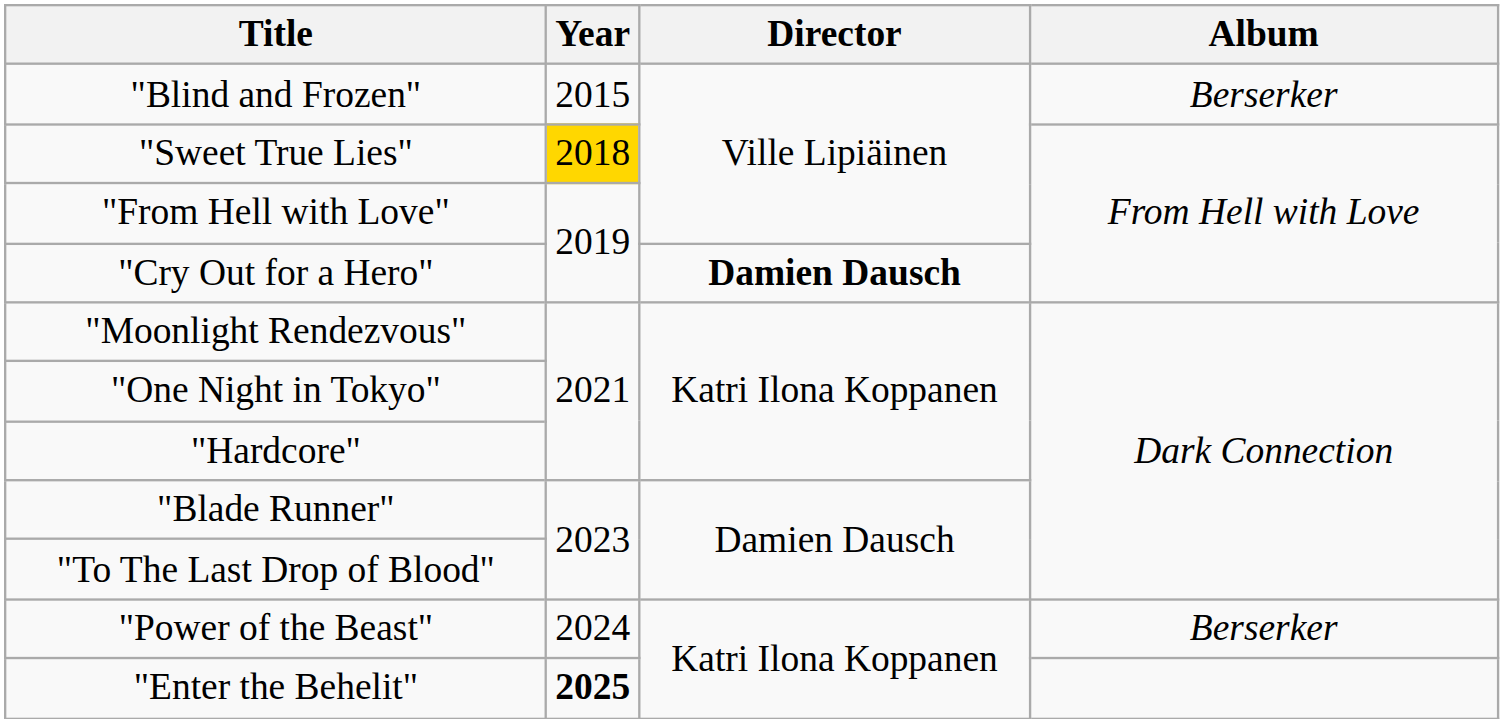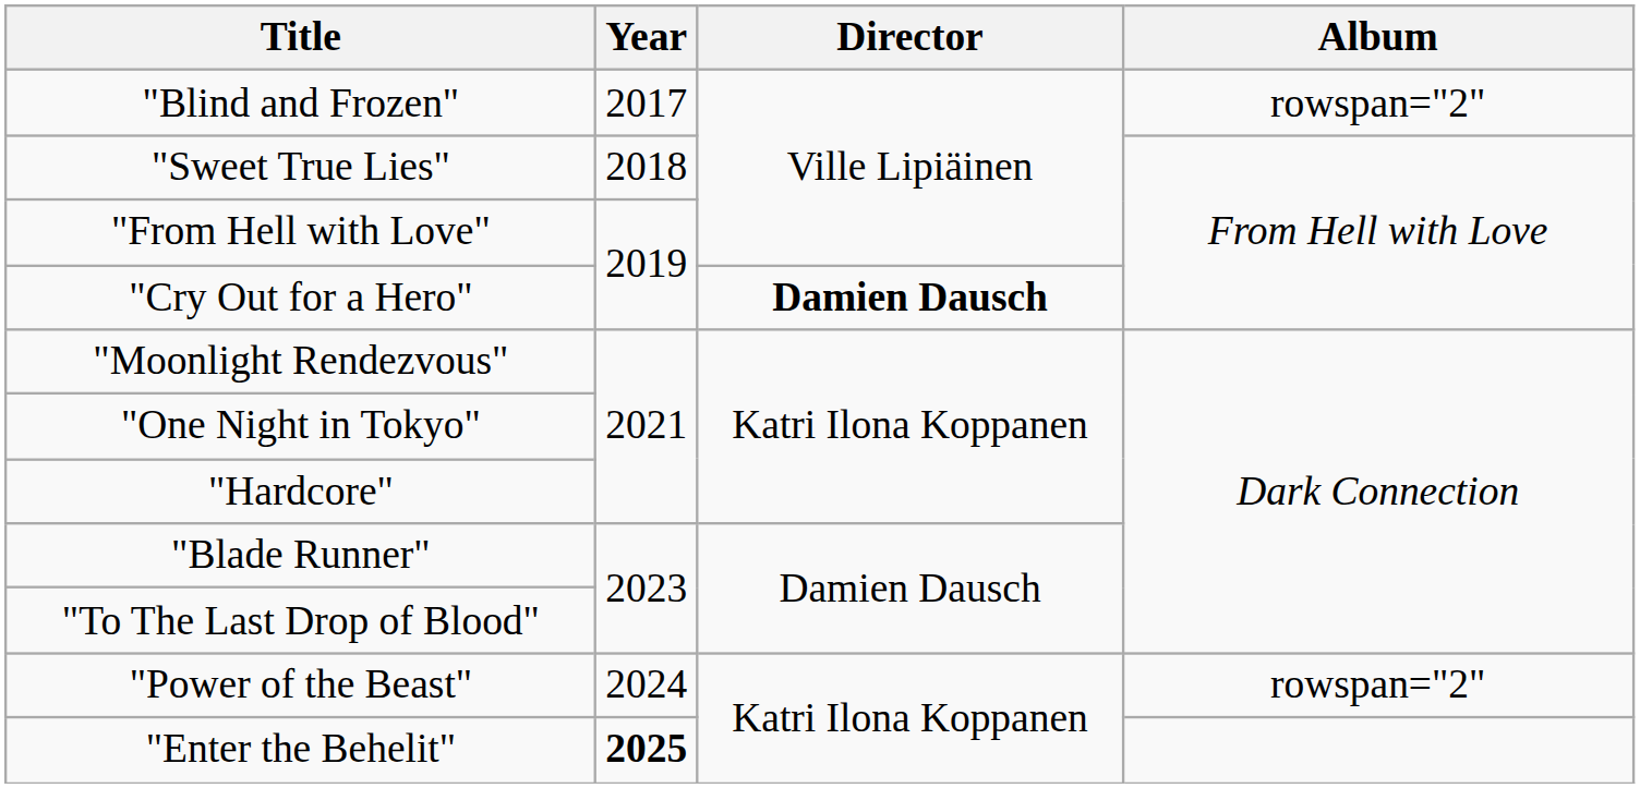 <table class="wikitable" plainrowheaders" style="text-align:center;">
 <tr>
 <th scope="col" style="width:14em;">Title</th>
 <th scope="col" style="width:2em;">Year</th>
 <th scope="col" style="width:10em;">Director</th>
 <th scope="col" style="width:12em;">Album</th>
 </tr>
 <tr>
 <td>"Blind and Frozen"</td>
-<td>2015</td>
+<td>2017</td>
 <td rowspan="3">Ville Lipiäinen</td>
-<td><em>Berserker</em></td>
+<td>rowspan="2" </td>
 </tr>
 <tr>
 <td>"Sweet True Lies"</td>
-<td style="background: gold;">2018</td>
+<td>2018</td>
 <td rowspan="3"><em>From Hell with Love</em></td>
 </tr>
 <tr>
 <td>"From Hell with Love"</td>
 <td rowspan="2">2019</td>
 </tr>
 <tr>
 <td>"Cry Out for a Hero"</td>
 <td><strong>Damien Dausch</strong></td>
 </tr>
 <tr>
 <td>"Moonlight Rendezvous"</td>
 <td rowspan="3">2021</td>
 <td rowspan="3">Katri Ilona Koppanen</td>
 <td rowspan="5"><em>Dark Connection</em></td>
 </tr>
 <tr>
 <td>"One Night in Tokyo"</td>
 </tr>
 <tr>
 <td>"Hardcore"</td>
 </tr>
 <tr>
 <td>"Blade Runner"</td>
 <td rowspan="2">2023</td>
 <td rowspan="2">Damien Dausch</td>
 </tr>
 <tr>
 <td>"To The Last Drop of Blood"</td>
 </tr>
 <tr>
 <td>"Power of the Beast"</td>
 <td>2024</td>
 <td rowspan="2">Katri Ilona Koppanen</td>
-<td><em>Berserker</em></td>
+<td>rowspan="2" </td>
 </tr>
 <tr>
 <td>"Enter the Behelit"</td>
 <td><strong>2025</strong></td>
 </tr>
 </table>
